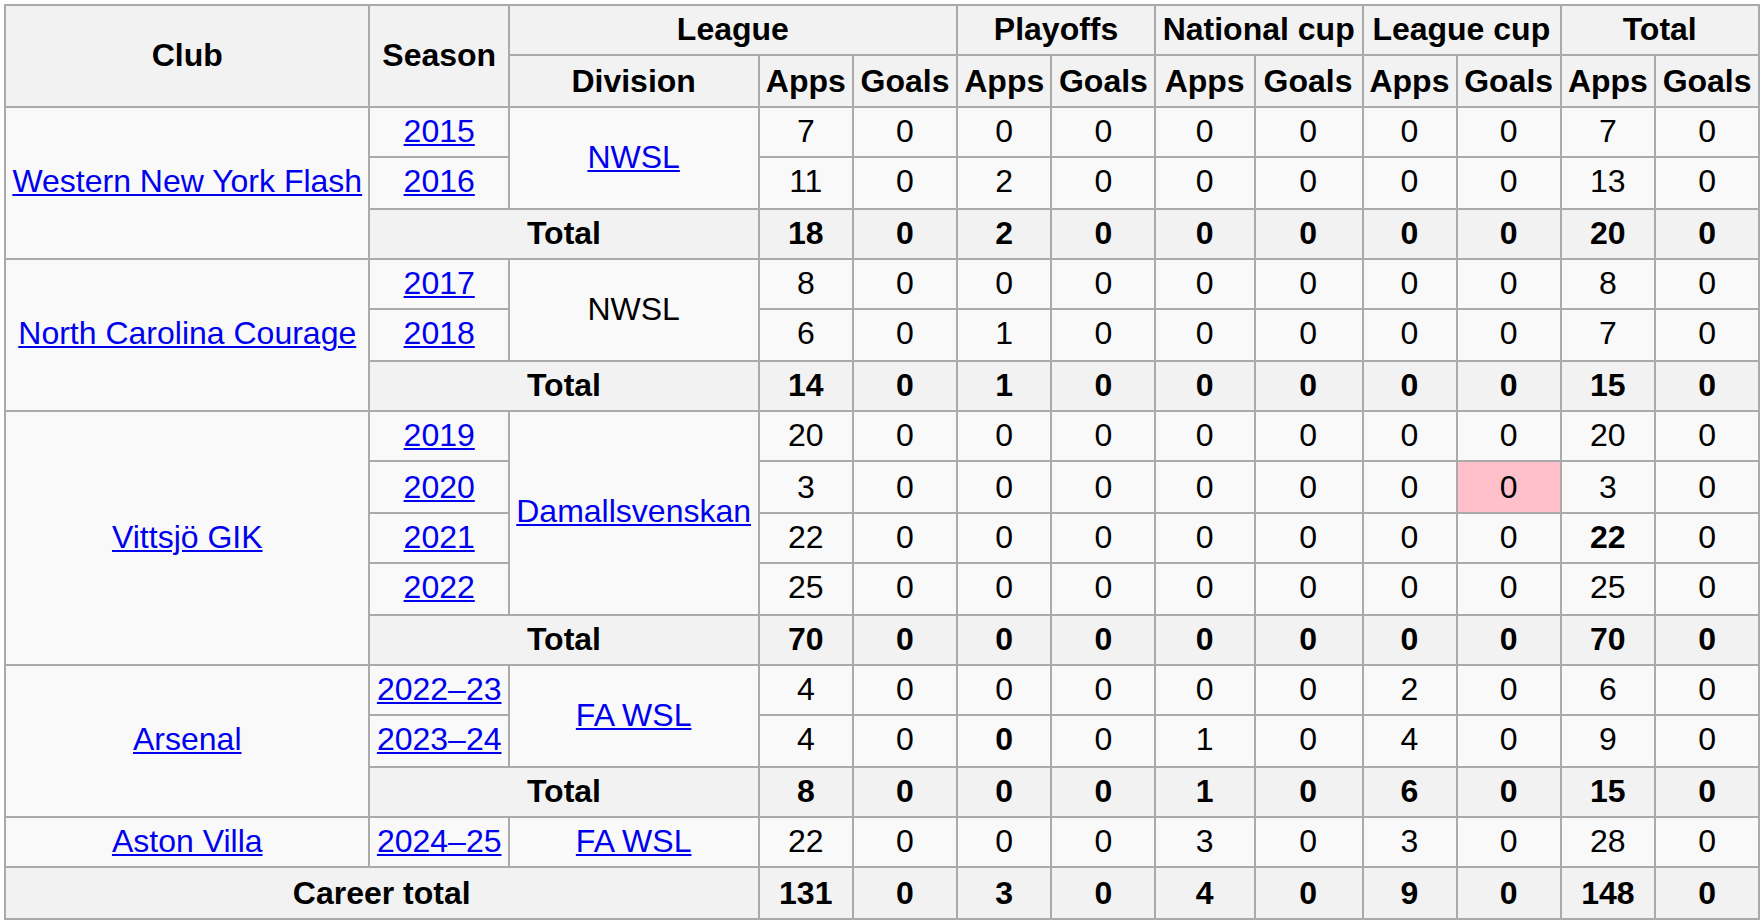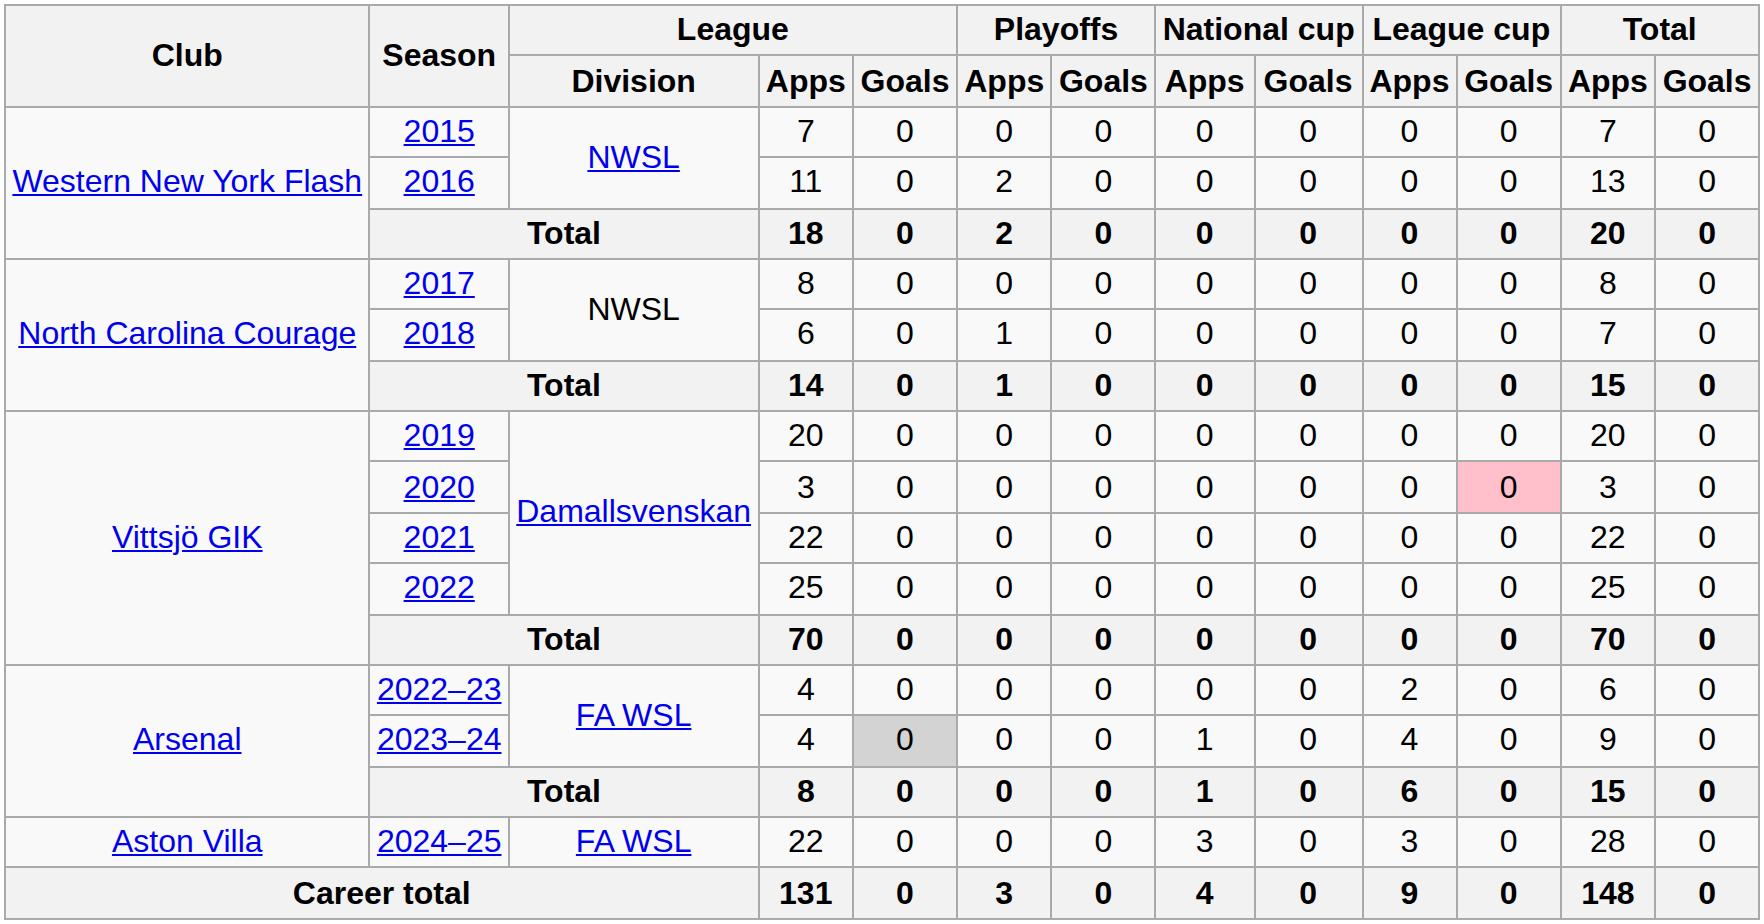 <table class="wikitable" style="text-align:center">
 <tr>
 <th rowspan="2">Club</th>
 <th rowspan="2">Season</th>
 <th colspan="3">League</th>
 <th colspan="2">Playoffs</th>
 <th colspan="2">National cup</th>
 <th colspan="2">League cup</th>
 <th colspan="2">Total</th>
 </tr>
 <tr>
 <th>Division</th>
 <th>Apps</th>
 <th>Goals</th>
 <th>Apps</th>
 <th>Goals</th>
 <th>Apps</th>
 <th>Goals</th>
 <th>Apps</th>
 <th>Goals</th>
 <th>Apps</th>
 <th>Goals</th>
 </tr>
 <tr>
 <td rowspan="3"><a href='#'>Western New York Flash</a></td>
 <td><a href='#'>2015</a></td>
 <td rowspan="2"><a href='#'>NWSL</a></td>
 <td>7</td>
 <td>0</td>
 <td>0</td>
 <td>0</td>
 <td>0</td>
 <td>0</td>
 <td>0</td>
 <td>0</td>
 <td>7</td>
 <td>0</td>
 </tr>
 <tr>
 <td><a href='#'>2016</a></td>
 <td>11</td>
 <td>0</td>
 <td>2</td>
 <td>0</td>
 <td>0</td>
 <td>0</td>
 <td>0</td>
 <td>0</td>
 <td>13</td>
 <td>0</td>
 </tr>
 <tr>
 <th colspan="2">Total</th>
 <th>18</th>
 <th>0</th>
 <th>2</th>
 <th>0</th>
 <th>0</th>
 <th>0</th>
 <th>0</th>
 <th>0</th>
 <th>20</th>
 <th>0</th>
 </tr>
 <tr>
 <td rowspan="3"><a href='#'>North Carolina Courage</a></td>
 <td><a href='#'>2017</a></td>
 <td rowspan="2">NWSL</td>
 <td>8</td>
 <td>0</td>
 <td>0</td>
 <td>0</td>
 <td>0</td>
 <td>0</td>
 <td>0</td>
 <td>0</td>
 <td>8</td>
 <td>0</td>
 </tr>
 <tr>
 <td><a href='#'>2018</a></td>
 <td>6</td>
 <td>0</td>
 <td>1</td>
 <td>0</td>
 <td>0</td>
 <td>0</td>
 <td>0</td>
 <td>0</td>
 <td>7</td>
 <td>0</td>
 </tr>
 <tr>
 <th colspan="2">Total</th>
 <th>14</th>
 <th>0</th>
 <th>1</th>
 <th>0</th>
 <th>0</th>
 <th>0</th>
 <th>0</th>
 <th>0</th>
 <th>15</th>
 <th>0</th>
 </tr>
 <tr>
 <td rowspan="5"><a href='#'>Vittsjö GIK</a></td>
 <td><a href='#'>2019</a></td>
 <td rowspan="4"><a href='#'>Damallsvenskan</a></td>
 <td>20</td>
 <td>0</td>
 <td>0</td>
 <td>0</td>
 <td>0</td>
 <td>0</td>
 <td>0</td>
 <td>0</td>
 <td>20</td>
 <td>0</td>
 </tr>
 <tr>
 <td><a href='#'>2020</a></td>
 <td>3</td>
 <td>0</td>
 <td>0</td>
 <td>0</td>
 <td>0</td>
 <td>0</td>
 <td>0</td>
 <td style="background: pink;">0</td>
 <td>3</td>
 <td>0</td>
 </tr>
 <tr>
 <td><a href='#'>2021</a></td>
 <td>22</td>
 <td>0</td>
 <td>0</td>
 <td>0</td>
 <td>0</td>
 <td>0</td>
 <td>0</td>
 <td>0</td>
-<td><strong>22</strong></td>
+<td>22</td>
 <td>0</td>
 </tr>
 <tr>
 <td><a href='#'>2022</a></td>
 <td>25</td>
 <td>0</td>
 <td>0</td>
 <td>0</td>
 <td>0</td>
 <td>0</td>
 <td>0</td>
 <td>0</td>
 <td>25</td>
 <td>0</td>
 </tr>
 <tr>
 <th colspan="2">Total</th>
 <th>70</th>
 <th>0</th>
 <th>0</th>
 <th>0</th>
 <th>0</th>
 <th>0</th>
 <th>0</th>
 <th>0</th>
 <th>70</th>
 <th>0</th>
 </tr>
 <tr>
 <td rowspan="3"><a href='#'>Arsenal</a></td>
 <td><a href='#'>2022–23</a></td>
 <td rowspan="2"><a href='#'>FA WSL</a></td>
 <td>4</td>
 <td>0</td>
 <td>0</td>
 <td>0</td>
 <td>0</td>
 <td>0</td>
 <td>2</td>
 <td>0</td>
 <td>6</td>
 <td>0</td>
 </tr>
 <tr>
 <td><a href='#'>2023–24</a></td>
 <td>4</td>
+<td style="background: lightgrey;">0</td>
 <td>0</td>
-<td><strong>0</strong></td>
 <td>0</td>
 <td>1</td>
 <td>0</td>
 <td>4</td>
 <td>0</td>
 <td>9</td>
 <td>0</td>
 </tr>
 <tr>
 <th colspan="2">Total</th>
 <th>8</th>
 <th>0</th>
 <th>0</th>
 <th>0</th>
 <th>1</th>
 <th>0</th>
 <th>6</th>
 <th>0</th>
 <th>15</th>
 <th>0</th>
 </tr>
 <tr>
 <td><a href='#'>Aston Villa</a></td>
 <td><a href='#'>2024–25</a></td>
 <td><a href='#'>FA WSL</a></td>
 <td>22</td>
 <td>0</td>
 <td>0</td>
 <td>0</td>
 <td>3</td>
 <td>0</td>
 <td>3</td>
 <td>0</td>
 <td>28</td>
 <td>0</td>
 </tr>
 <tr>
 <th colspan="3">Career total</th>
 <th>131</th>
 <th>0</th>
 <th>3</th>
 <th>0</th>
 <th>4</th>
 <th>0</th>
 <th>9</th>
 <th>0</th>
 <th>148</th>
 <th>0</th>
 </tr>
 </table>
